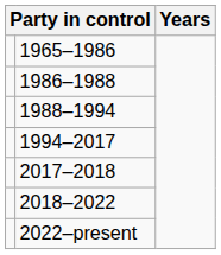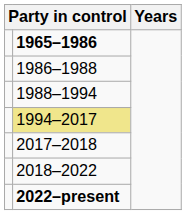 <table class="wikitable">
 <tr>
 <th colspan="2">Party in control</th>
 <th>Years</th>
 </tr>
 <tr>
 <td></td>
-<td>1965–1986</td>
+<td><strong>1965–1986</strong></td>
 </tr>
 <tr>
 <td></td>
 <td>1986–1988</td>
 </tr>
 <tr>
 <td></td>
 <td>1988–1994</td>
 </tr>
 <tr>
 <td></td>
-<td>1994–2017</td>
+<td style="background: khaki;">1994–2017</td>
 </tr>
 <tr>
 <td></td>
 <td>2017–2018</td>
 </tr>
 <tr>
 <td></td>
 <td>2018–2022</td>
 </tr>
 <tr>
 <td></td>
-<td>2022–present</td>
+<td><strong>2022–present</strong></td>
 </tr>
 </table>
